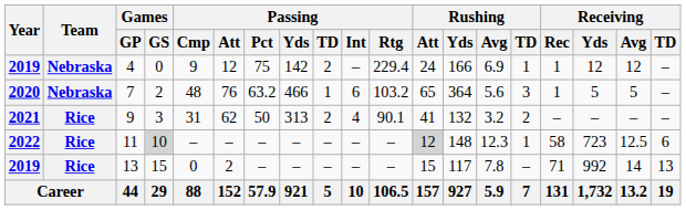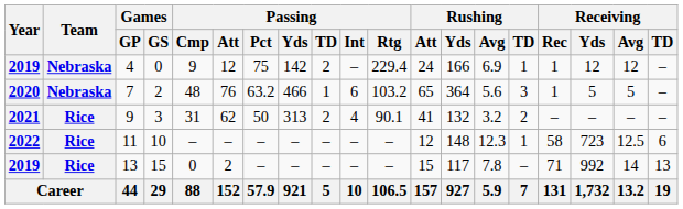 <table class="wikitable" style="text-align:center">
 <tr>
 <th rowspan="2">Year</th>
 <th rowspan="2">Team</th>
 <th colspan="2">Games</th>
 <th colspan="7">Passing</th>
 <th colspan="4">Rushing</th>
 <th colspan="4">Receiving</th>
 </tr>
 <tr>
 <th>GP</th>
 <th>GS</th>
 <th>Cmp</th>
 <th>Att</th>
 <th>Pct</th>
 <th>Yds</th>
 <th>TD</th>
 <th>Int</th>
 <th>Rtg</th>
 <th>Att</th>
 <th>Yds</th>
 <th>Avg</th>
 <th>TD</th>
 <th>Rec</th>
 <th>Yds</th>
 <th>Avg</th>
 <th>TD</th>
 </tr>
 <tr>
 <th><a href='#'>2019</a></th>
 <th><a href='#'>Nebraska</a></th>
 <td>4</td>
 <td>0</td>
 <td>9</td>
 <td>12</td>
 <td>75</td>
 <td>142</td>
 <td>2</td>
 <td>–</td>
 <td>229.4</td>
 <td>24</td>
 <td>166</td>
 <td>6.9</td>
 <td>1</td>
 <td>1</td>
 <td>12</td>
 <td>12</td>
 <td>–</td>
 </tr>
 <tr>
 <th><a href='#'>2020</a></th>
 <th><a href='#'>Nebraska</a></th>
 <td>7</td>
 <td>2</td>
 <td>48</td>
 <td>76</td>
 <td>63.2</td>
 <td>466</td>
 <td>1</td>
 <td>6</td>
 <td>103.2</td>
 <td>65</td>
 <td>364</td>
 <td>5.6</td>
 <td>3</td>
 <td>1</td>
 <td>5</td>
 <td>5</td>
 <td>–</td>
 </tr>
 <tr>
 <th><a href='#'>2021</a></th>
 <th><a href='#'>Rice</a></th>
 <td>9</td>
 <td>3</td>
 <td>31</td>
 <td>62</td>
 <td>50</td>
 <td>313</td>
 <td>2</td>
 <td>4</td>
 <td>90.1</td>
 <td>41</td>
 <td>132</td>
 <td>3.2</td>
 <td>2</td>
 <td>–</td>
 <td>–</td>
 <td>–</td>
 <td>–</td>
 </tr>
 <tr>
 <th><a href='#'>2022</a></th>
 <th><a href='#'>Rice</a></th>
 <td>11</td>
-<td style="background: lightgrey;">10</td>
+<td>10</td>
 <td>–</td>
 <td>–</td>
 <td>–</td>
 <td>–</td>
 <td>–</td>
 <td>–</td>
 <td>–</td>
-<td style="background: lightgrey;">12</td>
+<td>12</td>
 <td>148</td>
 <td>12.3</td>
 <td>1</td>
 <td>58</td>
 <td>723</td>
 <td>12.5</td>
 <td>6</td>
 </tr>
 <tr>
 <th><a href='#'>2019</a></th>
 <th><a href='#'>Rice</a></th>
 <td>13</td>
 <td>15</td>
 <td>0</td>
 <td>2</td>
 <td>–</td>
 <td>–</td>
 <td>–</td>
 <td>–</td>
 <td>–</td>
 <td>15</td>
 <td>117</td>
 <td>7.8</td>
 <td>–</td>
 <td>71</td>
 <td>992</td>
 <td>14</td>
 <td>13</td>
 </tr>
 <tr>
 <th colspan="2">Career</th>
 <th>44</th>
 <th>29</th>
 <th>88</th>
 <th>152</th>
 <th>57.9</th>
 <th>921</th>
 <th>5</th>
 <th>10</th>
 <th>106.5</th>
 <th>157</th>
 <th>927</th>
 <th>5.9</th>
 <th>7</th>
 <th>131</th>
 <th>1,732</th>
 <th>13.2</th>
 <th>19</th>
 </tr>
 </table>
